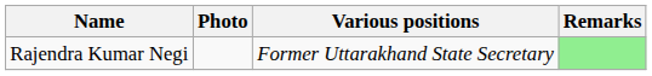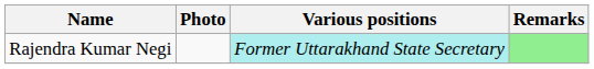 <table class="wikitable sortable" style="text-align:center">
 <tr>
 <th Style="background-color:">Name</th>
 <th Style="background-color:">Photo</th>
 <th Style="background-color:">Various positions</th>
 <th Style="background-color:">Remarks</th>
 </tr>
 <tr>
 <td>Rajendra Kumar Negi</td>
 <td></td>
-<td><em>Former Uttarakhand State Secretary</em></td>
+<td style="background: paleturquoise;"><em>Former Uttarakhand State Secretary</em></td>
 <td bgcolor = LightGreen></td>
 </tr>
 <tr>
 </tr>
 </table>
